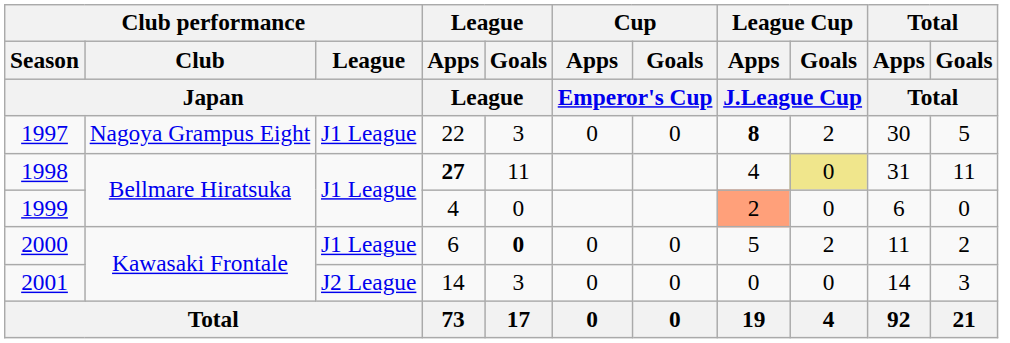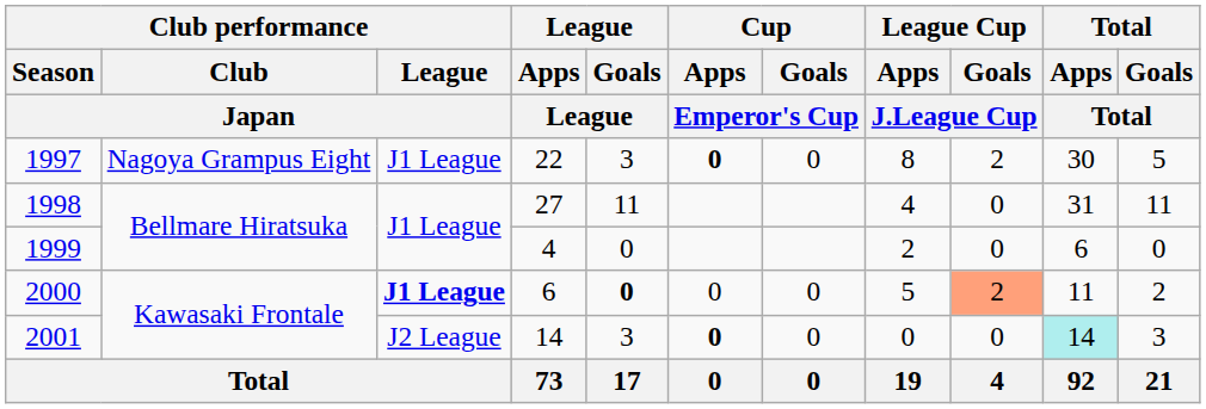 <table class="wikitable" style="text-align:center;">
 <tr>
 <th colspan=3>Club performance</th>
 <th colspan=2>League</th>
 <th colspan=2>Cup</th>
 <th colspan=2>League Cup</th>
 <th colspan=2>Total</th>
 </tr>
 <tr>
 <th>Season</th>
 <th>Club</th>
 <th>League</th>
 <th>Apps</th>
 <th>Goals</th>
 <th>Apps</th>
 <th>Goals</th>
 <th>Apps</th>
 <th>Goals</th>
 <th>Apps</th>
 <th>Goals</th>
 </tr>
 <tr>
 <th colspan=3>Japan</th>
 <th colspan=2>League</th>
 <th colspan=2><a href='#'>Emperor's Cup</a></th>
 <th colspan=2><a href='#'>J.League Cup</a></th>
 <th colspan=2>Total</th>
 </tr>
 <tr>
 <td><a href='#'>1997</a></td>
 <td><a href='#'>Nagoya Grampus Eight</a></td>
 <td><a href='#'>J1 League</a></td>
 <td>22</td>
 <td>3</td>
+<td><strong>0</strong></td>
 <td>0</td>
-<td>0</td>
-<td><strong>8</strong></td>
+<td>8</td>
 <td>2</td>
 <td>30</td>
 <td>5</td>
 </tr>
 <tr>
 <td><a href='#'>1998</a></td>
 <td rowspan="2"><a href='#'>Bellmare Hiratsuka</a></td>
 <td rowspan="2"><a href='#'>J1 League</a></td>
-<td><strong>27</strong></td>
+<td>27</td>
 <td>11</td>
 <td></td>
 <td></td>
 <td>4</td>
-<td style="background: khaki;">0</td>
+<td>0</td>
 <td>31</td>
 <td>11</td>
 </tr>
 <tr>
 <td><a href='#'>1999</a></td>
 <td>4</td>
 <td>0</td>
 <td></td>
 <td></td>
-<td style="background: lightsalmon;">2</td>
+<td>2</td>
 <td>0</td>
 <td>6</td>
 <td>0</td>
 </tr>
 <tr>
 <td><a href='#'>2000</a></td>
 <td rowspan="2"><a href='#'>Kawasaki Frontale</a></td>
-<td><a href='#'>J1 League</a></td>
+<td><strong><a href='#'>J1 League</a></strong></td>
 <td>6</td>
 <td><strong>0</strong></td>
 <td>0</td>
 <td>0</td>
 <td>5</td>
-<td>2</td>
+<td style="background: lightsalmon;">2</td>
 <td>11</td>
 <td>2</td>
 </tr>
 <tr>
 <td><a href='#'>2001</a></td>
 <td><a href='#'>J2 League</a></td>
 <td>14</td>
 <td>3</td>
+<td><strong>0</strong></td>
 <td>0</td>
 <td>0</td>
 <td>0</td>
-<td>0</td>
-<td>14</td>
+<td style="background: paleturquoise;">14</td>
 <td>3</td>
 </tr>
 <tr>
 <th colspan=3>Total</th>
 <th>73</th>
 <th>17</th>
 <th>0</th>
 <th>0</th>
 <th>19</th>
 <th>4</th>
 <th>92</th>
 <th>21</th>
 </tr>
 </table>
